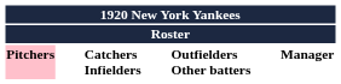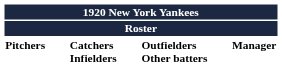 <table class="toccolours" style="font-size: 95%;">
 <tr>
 <th colspan="10" style="background-color: #1c2841; color: white; text-align: center;">1920 New York Yankees</th>
 </tr>
 <tr>
 <td colspan="10" style="background-color: #1c2841; color: white; text-align: center;"><strong>Roster</strong></td>
 </tr>
 <tr>
-<td valign="top" style="background: pink;"><strong>Pitchers</strong><br>        </td>
+<td valign="top"><strong>Pitchers</strong><br>        </td>
 <td width="25px"></td>
 <td valign="top"><strong>Catchers</strong><br>   <strong>Infielders</strong>       </td>
 <td width="25px"></td>
 <td valign="top"><strong>Outfielders</strong><br>      <strong>Other batters</strong> </td>
 <td width="25px"></td>
 <td valign="top"><strong>Manager</strong><br></td>
 </tr>
 </table>
